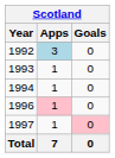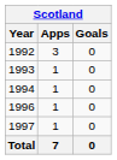 <table class="wikitable" style="text-align:center">
 <tr>
 <th colspan="3"><a href='#'>Scotland</a></th>
 </tr>
 <tr>
 <th>Year</th>
 <th>Apps</th>
 <th>Goals</th>
 </tr>
 <tr>
 <td>1992</td>
-<td style="background: lightblue;">3</td>
+<td>3</td>
 <td>0</td>
 </tr>
 <tr>
 <td>1993</td>
 <td>1</td>
 <td>0</td>
 </tr>
 <tr>
 <td>1994</td>
 <td>1</td>
 <td>0</td>
 </tr>
 <tr>
 <td>1996</td>
-<td style="background: pink;">1</td>
+<td>1</td>
 <td>0</td>
 </tr>
 <tr>
 <td>1997</td>
 <td>1</td>
-<td style="background: pink;">0</td>
+<td>0</td>
 </tr>
 <tr>
 <th>Total</th>
 <th>7</th>
 <th>0</th>
 </tr>
 </table>
